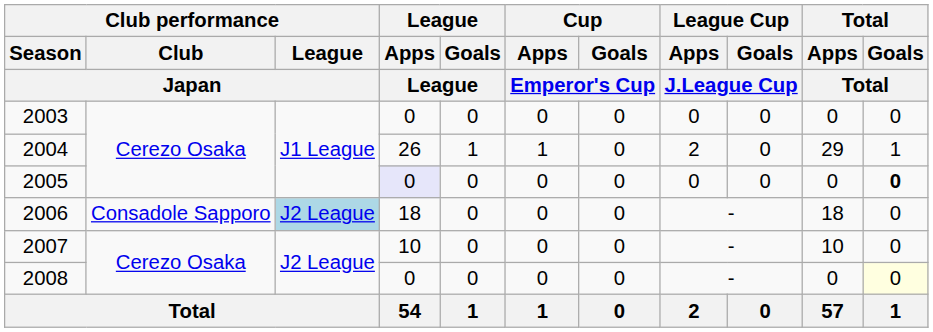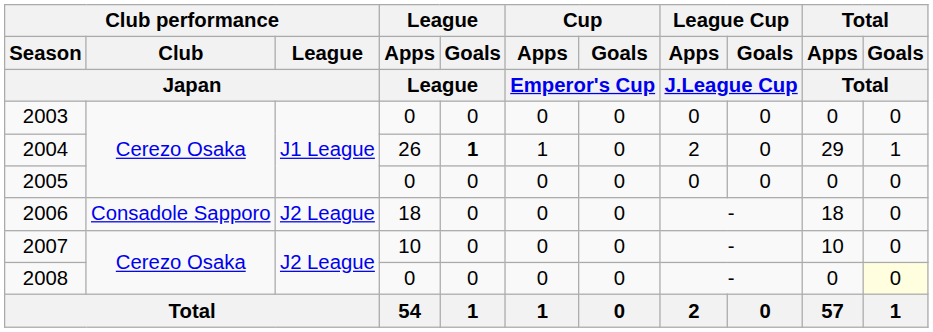 <table class="wikitable" style="text-align:center;">
 <tr>
 <th colspan=3>Club performance</th>
 <th colspan=2>League</th>
 <th colspan=2>Cup</th>
 <th colspan=2>League Cup</th>
 <th colspan=2>Total</th>
 </tr>
 <tr>
 <th>Season</th>
 <th>Club</th>
 <th>League</th>
 <th>Apps</th>
 <th>Goals</th>
 <th>Apps</th>
 <th>Goals</th>
 <th>Apps</th>
 <th>Goals</th>
 <th>Apps</th>
 <th>Goals</th>
 </tr>
 <tr>
 <th colspan=3>Japan</th>
 <th colspan=2>League</th>
 <th colspan=2><a href='#'>Emperor's Cup</a></th>
 <th colspan=2><a href='#'>J.League Cup</a></th>
 <th colspan=2>Total</th>
 </tr>
 <tr>
 <td>2003</td>
 <td rowspan="3"><a href='#'>Cerezo Osaka</a></td>
 <td rowspan="3"><a href='#'>J1 League</a></td>
 <td>0</td>
 <td>0</td>
 <td>0</td>
 <td>0</td>
 <td>0</td>
 <td>0</td>
 <td>0</td>
 <td>0</td>
 </tr>
 <tr>
 <td>2004</td>
 <td>26</td>
-<td>1</td>
+<td><strong>1</strong></td>
 <td>1</td>
 <td>0</td>
 <td>2</td>
 <td>0</td>
 <td>29</td>
 <td>1</td>
 </tr>
 <tr>
 <td>2005</td>
-<td style="background: lavender;">0</td>
 <td>0</td>
 <td>0</td>
 <td>0</td>
 <td>0</td>
 <td>0</td>
 <td>0</td>
-<td><strong>0</strong></td>
+<td>0</td>
+<td>0</td>
 </tr>
 <tr>
 <td>2006</td>
 <td><a href='#'>Consadole Sapporo</a></td>
-<td style="background: lightblue;"><a href='#'>J2 League</a></td>
+<td><a href='#'>J2 League</a></td>
 <td>18</td>
 <td>0</td>
 <td>0</td>
 <td>0</td>
 <td colspan="2">-</td>
 <td>18</td>
 <td>0</td>
 </tr>
 <tr>
 <td>2007</td>
 <td rowspan="2"><a href='#'>Cerezo Osaka</a></td>
 <td rowspan="2"><a href='#'>J2 League</a></td>
 <td>10</td>
 <td>0</td>
 <td>0</td>
 <td>0</td>
 <td colspan="2">-</td>
 <td>10</td>
 <td>0</td>
 </tr>
 <tr>
 <td>2008</td>
 <td>0</td>
 <td>0</td>
 <td>0</td>
 <td>0</td>
 <td colspan="2">-</td>
 <td>0</td>
 <td style="background: lightyellow;">0</td>
 </tr>
 <tr>
 <th colspan=3>Total</th>
 <th>54</th>
 <th>1</th>
 <th>1</th>
 <th>0</th>
 <th>2</th>
 <th>0</th>
 <th>57</th>
 <th>1</th>
 </tr>
 </table>
